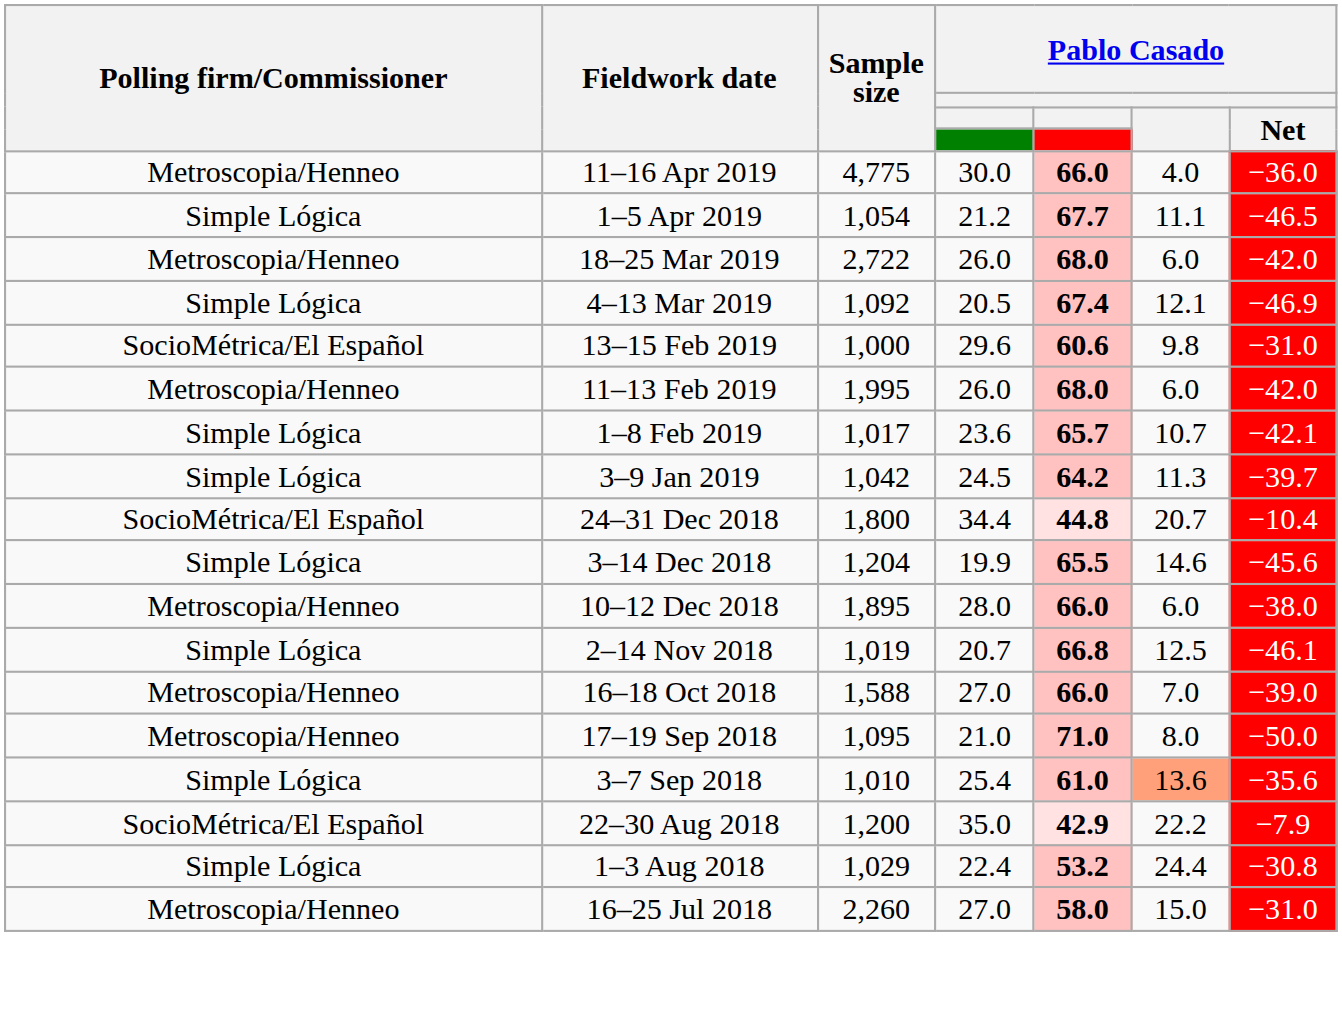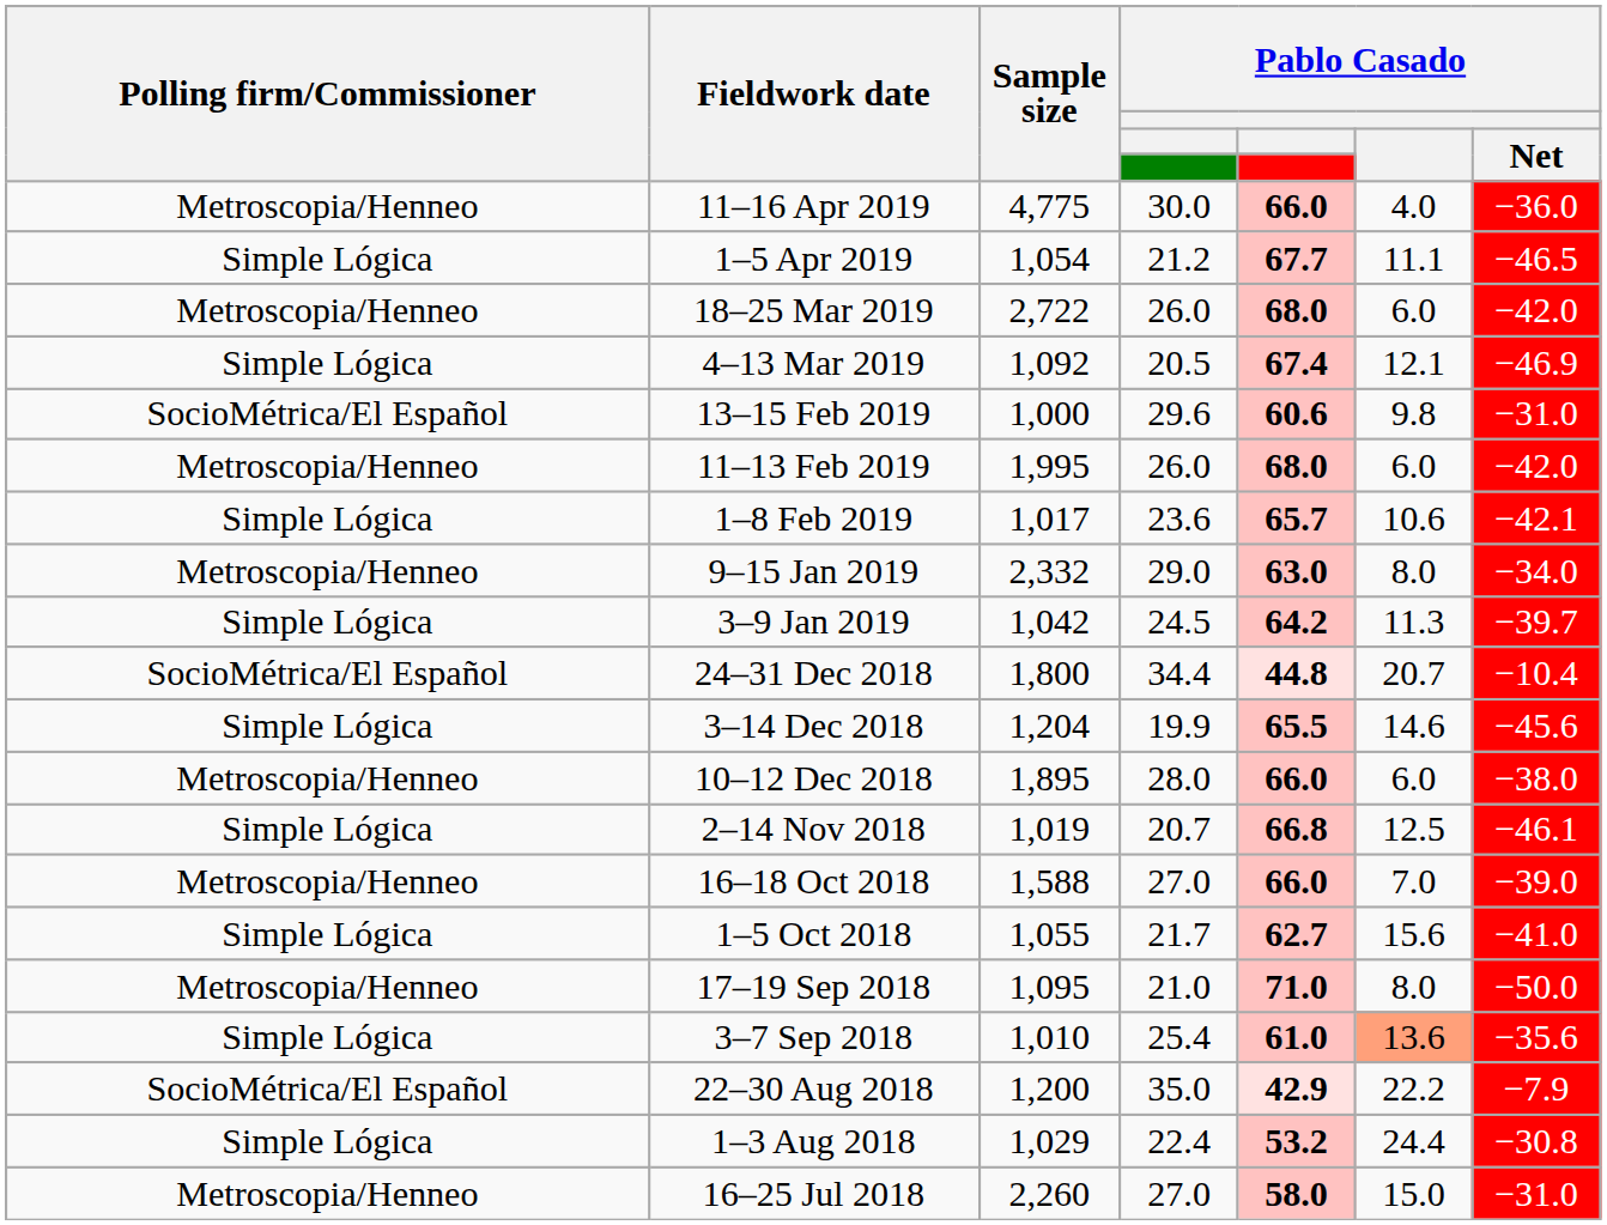 <table class="wikitable collapsible collapsed" style="text-align:center; font-size:90%; line-height:14px;">
 <tr style="height:42px;">
 <th style="width:250px;" rowspan="4">Polling firm/Commissioner</th>
 <th style="width:125px;" rowspan="4">Fieldwork date</th>
 <th style="width:50px;" rowspan="4">Sample size</th>
 <th style="width:185px;" colspan="4"><a href='#'>Pablo Casado</a><br></th>
 </tr>
 <tr>
 <th colspan="4" style="background:"></th>
 </tr>
 <tr>
 <th style="width:30px;"></th>
 <th style="width:30px;"></th>
 <th style="width:30px;" rowspan="2"></th>
 <th style="width:30px;" rowspan="2">Net</th>
 </tr>
 <tr>
 <th style="color:inherit;background:#008000;"></th>
 <th style="color:inherit;background:#FF0000;"></th>
 </tr>
 <tr>
 <td>Metroscopia/Henneo</td>
 <td>11–16 Apr 2019</td>
 <td>4,775</td>
 <td>30.0</td>
 <td style="background:#FFC2C1;"><strong>66.0</strong></td>
 <td>4.0</td>
 <td style="background:#FF0000; color:white;">−36.0</td>
 </tr>
 <tr>
 <td>Simple Lógica</td>
 <td>1–5 Apr 2019</td>
 <td>1,054</td>
 <td>21.2</td>
 <td style="background:#FFC2C1;"><strong>67.7</strong></td>
 <td>11.1</td>
 <td style="background:#FF0000; color:white;">−46.5</td>
 </tr>
 <tr>
 <td>Metroscopia/Henneo</td>
 <td>18–25 Mar 2019</td>
 <td>2,722</td>
 <td>26.0</td>
 <td style="background:#FFC2C1;"><strong>68.0</strong></td>
 <td>6.0</td>
 <td style="background:#FF0000; color:white;">−42.0</td>
 </tr>
 <tr>
 <td>Simple Lógica</td>
 <td>4–13 Mar 2019</td>
 <td>1,092</td>
 <td>20.5</td>
 <td style="background:#FFC2C1;"><strong>67.4</strong></td>
 <td>12.1</td>
 <td style="background:#FF0000; color:white;">−46.9</td>
 </tr>
 <tr>
 <td>SocioMétrica/El Español</td>
 <td>13–15 Feb 2019</td>
 <td>1,000</td>
 <td>29.6</td>
 <td style="background:#FFC2C1;"><strong>60.6</strong></td>
 <td>9.8</td>
 <td style="background:#FF0000; color:white;">−31.0</td>
 </tr>
 <tr>
 <td>Metroscopia/Henneo</td>
 <td>11–13 Feb 2019</td>
 <td>1,995</td>
 <td>26.0</td>
 <td style="background:#FFC2C1;"><strong>68.0</strong></td>
 <td>6.0</td>
 <td style="background:#FF0000; color:white;">−42.0</td>
 </tr>
 <tr>
 <td>Simple Lógica</td>
 <td>1–8 Feb 2019</td>
 <td>1,017</td>
 <td>23.6</td>
 <td style="background:#FFC2C1;"><strong>65.7</strong></td>
-<td>10.7</td>
+<td>10.6</td>
 <td style="background:#FF0000; color:white;">−42.1</td>
+</tr>
+<tr>
+<td>Metroscopia/Henneo</td>
+<td>9–15 Jan 2019</td>
+<td>2,332</td>
+<td>29.0</td>
+<td style="background:#FFC2C1;"><strong>63.0</strong></td>
+<td>8.0</td>
+<td style="background:#FF0000; color:white;">−34.0</td>
 </tr>
 <tr>
 <td>Simple Lógica</td>
 <td>3–9 Jan 2019</td>
 <td>1,042</td>
 <td>24.5</td>
 <td style="background:#FFC2C1;"><strong>64.2</strong></td>
 <td>11.3</td>
 <td style="background:#FF0000; color:white;">−39.7</td>
 </tr>
 <tr>
 <td>SocioMétrica/El Español</td>
 <td>24–31 Dec 2018</td>
 <td>1,800</td>
 <td>34.4</td>
 <td style="background:#FFE2E1;"><strong>44.8</strong></td>
 <td>20.7</td>
 <td style="background:#FF0000; color:white;">−10.4</td>
 </tr>
 <tr>
 <td>Simple Lógica</td>
 <td>3–14 Dec 2018</td>
 <td>1,204</td>
 <td>19.9</td>
 <td style="background:#FFC2C1;"><strong>65.5</strong></td>
 <td>14.6</td>
 <td style="background:#FF0000; color:white;">−45.6</td>
 </tr>
 <tr>
 <td>Metroscopia/Henneo</td>
 <td>10–12 Dec 2018</td>
 <td>1,895</td>
 <td>28.0</td>
 <td style="background:#FFC2C1;"><strong>66.0</strong></td>
 <td>6.0</td>
 <td style="background:#FF0000; color:white;">−38.0</td>
 </tr>
 <tr>
 <td>Simple Lógica</td>
 <td>2–14 Nov 2018</td>
 <td>1,019</td>
 <td>20.7</td>
 <td style="background:#FFC2C1;"><strong>66.8</strong></td>
 <td>12.5</td>
 <td style="background:#FF0000; color:white;">−46.1</td>
 </tr>
 <tr>
 <td>Metroscopia/Henneo</td>
 <td>16–18 Oct 2018</td>
 <td>1,588</td>
 <td>27.0</td>
 <td style="background:#FFC2C1;"><strong>66.0</strong></td>
 <td>7.0</td>
 <td style="background:#FF0000; color:white;">−39.0</td>
 </tr>
 <tr>
+<td>Simple Lógica</td>
+<td>1–5 Oct 2018</td>
+<td>1,055</td>
+<td>21.7</td>
+<td style="background:#FFC2C1;"><strong>62.7</strong></td>
+<td>15.6</td>
+<td style="background:#FF0000; color:white;">−41.0</td>
+</tr>
+<tr>
 <td>Metroscopia/Henneo</td>
 <td>17–19 Sep 2018</td>
 <td>1,095</td>
 <td>21.0</td>
 <td style="background:#FFC2C1;"><strong>71.0</strong></td>
 <td>8.0</td>
 <td style="background:#FF0000; color:white;">−50.0</td>
 </tr>
 <tr>
 <td>Simple Lógica</td>
 <td>3–7 Sep 2018</td>
 <td>1,010</td>
 <td>25.4</td>
 <td style="background:#FFC2C1;"><strong>61.0</strong></td>
 <td style="background: lightsalmon;">13.6</td>
 <td style="background:#FF0000; color:white;">−35.6</td>
 </tr>
 <tr>
 <td>SocioMétrica/El Español</td>
 <td>22–30 Aug 2018</td>
 <td>1,200</td>
 <td>35.0</td>
 <td style="background:#FFE2E1;"><strong>42.9</strong></td>
 <td>22.2</td>
 <td style="background:#FF0000; color:white;">−7.9</td>
 </tr>
 <tr>
 <td>Simple Lógica</td>
 <td>1–3 Aug 2018</td>
 <td>1,029</td>
 <td>22.4</td>
 <td style="background:#FFC2C1;"><strong>53.2</strong></td>
 <td>24.4</td>
 <td style="background:#FF0000; color:white;">−30.8</td>
 </tr>
 <tr>
 <td>Metroscopia/Henneo</td>
 <td>16–25 Jul 2018</td>
 <td>2,260</td>
 <td>27.0</td>
 <td style="background:#FFC2C1;"><strong>58.0</strong></td>
 <td>15.0</td>
 <td style="background:#FF0000; color:white;">−31.0</td>
 </tr>
 </table>
